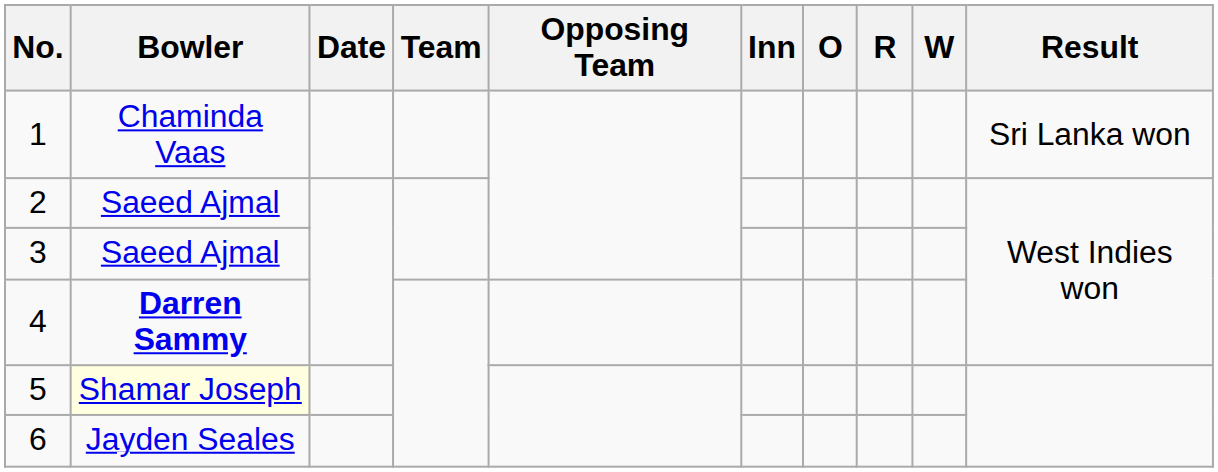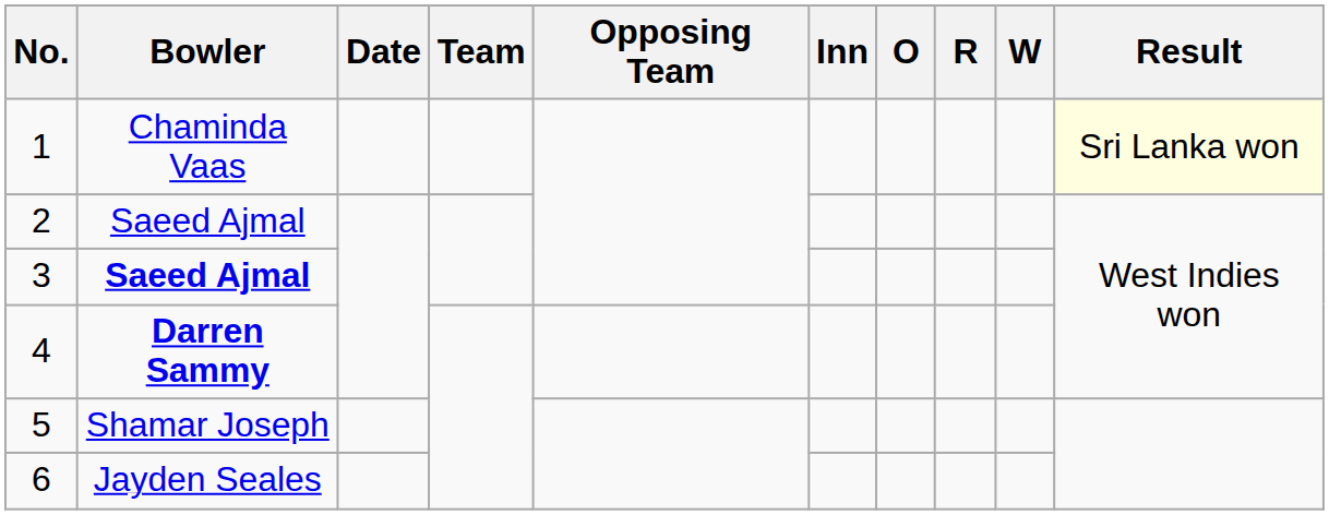 <table class="wikitable sortable">
 <tr align=center>
 <th>No.</th>
 <th>Bowler</th>
 <th>Date</th>
 <th>Team</th>
 <th>Opposing Team</th>
 <th scope="col" style="width:20px;">Inn</th>
 <th scope="col" style="width:20px;">O</th>
 <th scope="col" style="width:20px;">R</th>
 <th scope="col" style="width:20px;">W</th>
 <th>Result</th>
 </tr>
 <tr align="center">
 <td>1</td>
 <td><a href='#'>Chaminda Vaas</a></td>
 <td></td>
 <td></td>
 <td rowspan="3"></td>
 <td></td>
 <td></td>
 <td></td>
 <td></td>
-<td>Sri Lanka won</td>
+<td style="background: lightyellow;">Sri Lanka won</td>
 </tr>
 <tr align="center">
 <td>2</td>
 <td><a href='#'>Saeed Ajmal</a></td>
 <td rowspan="3"></td>
 <td rowspan="2"></td>
 <td></td>
 <td></td>
 <td></td>
 <td></td>
 <td rowspan="3">West Indies won</td>
 </tr>
 <tr align="center">
 <td>3</td>
-<td><a href='#'>Saeed Ajmal</a></td>
+<td><strong><a href='#'>Saeed Ajmal</a></strong></td>
 <td></td>
 <td></td>
 <td></td>
 <td></td>
 </tr>
 <tr align="center">
 <td>4</td>
 <td><strong><a href='#'>Darren Sammy</a></strong></td>
 <td rowspan="3"></td>
 <td></td>
 <td></td>
 <td></td>
 <td></td>
 <td></td>
 </tr>
 <tr align="center">
 <td>5</td>
-<td style="background: lightyellow;"><a href='#'>Shamar Joseph</a></td>
+<td><a href='#'>Shamar Joseph</a></td>
 <td></td>
 <td rowspan="2"></td>
 <td></td>
 <td></td>
 <td></td>
 <td></td>
 <td rowspan="2"></td>
 </tr>
 <tr align="center">
 <td>6</td>
 <td><a href='#'>Jayden Seales</a></td>
 <td></td>
 <td></td>
 <td></td>
 <td></td>
 <td></td>
 </tr>
 </table>
